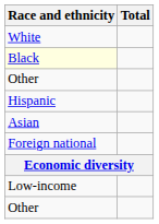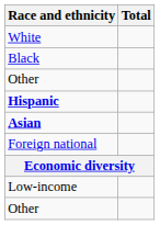 <table class="wikitable floatright sortable collapsible"; text-align:right; font-size:80%;">
 <tr>
 <th>Race and ethnicity</th>
 <th colspan="2" data-sort-type=number>Total</th>
 </tr>
 <tr>
 <td><a href='#'>White</a></td>
 <td align=right></td>
 </tr>
 <tr>
-<td style="background: lightyellow;"><a href='#'>Black</a></td>
+<td><a href='#'>Black</a></td>
 <td align=right></td>
 </tr>
 <tr>
 <td>Other</td>
 <td align=right></td>
 </tr>
 <tr>
-<td><a href='#'>Hispanic</a></td>
+<td><strong><a href='#'>Hispanic</a></strong></td>
 <td align=right></td>
 </tr>
 <tr>
-<td><a href='#'>Asian</a></td>
+<td><strong><a href='#'>Asian</a></strong></td>
 <td align=right></td>
 </tr>
 <tr>
 <td><a href='#'>Foreign national</a></td>
 <td align=right></td>
 </tr>
 <tr>
 <th colspan="4" data-sort-type=number><a href='#'>Economic diversity</a></th>
 </tr>
 <tr>
 <td>Low-income</td>
 <td align=right></td>
 </tr>
 <tr>
 <td>Other</td>
 <td align=right></td>
 </tr>
 </table>
